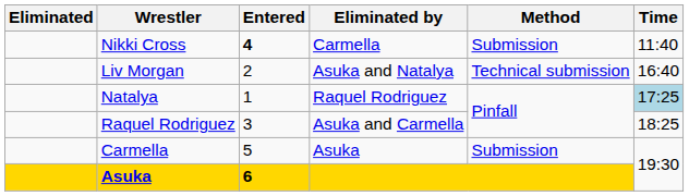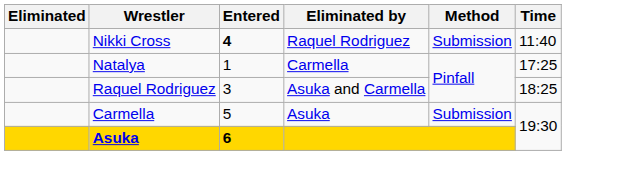 <table class="wikitable sortable">
 <tr>
 <th>Eliminated</th>
 <th>Wrestler</th>
 <th>Entered</th>
 <th>Eliminated by</th>
 <th>Method</th>
 <th>Time</th>
 </tr>
 <tr>
 <td></td>
 <td><a href='#'>Nikki Cross</a></td>
 <td><strong>4</strong></td>
-<td><a href='#'>Carmella</a></td>
+<td><a href='#'>Raquel Rodriguez</a></td>
 <td><a href='#'>Submission</a></td>
 <td>11:40</td>
 </tr>
 <tr>
 <td></td>
-<td><a href='#'>Liv Morgan</a></td>
-<td>2</td>
-<td><a href='#'>Asuka</a> and <a href='#'>Natalya</a></td>
-<td><a href='#'>Technical submission</a></td>
-<td>16:40</td>
-</tr>
-<tr>
-<td></td>
 <td><a href='#'>Natalya</a></td>
 <td>1</td>
-<td><a href='#'>Raquel Rodriguez</a></td>
+<td><a href='#'>Carmella</a></td>
 <td rowspan=2><a href='#'>Pinfall</a></td>
-<td style="background: lightblue;">17:25</td>
+<td>17:25</td>
 </tr>
 <tr>
 <td></td>
 <td><a href='#'>Raquel Rodriguez</a></td>
 <td>3</td>
 <td><a href='#'>Asuka</a> and <a href='#'>Carmella</a></td>
 <td>18:25</td>
 </tr>
 <tr>
 <td></td>
 <td><a href='#'>Carmella</a></td>
 <td>5</td>
 <td><a href='#'>Asuka</a></td>
 <td><a href='#'>Submission</a></td>
 <td rowspan=2>19:30</td>
 </tr>
 <tr style="background: gold">
 <td></td>
 <td><strong><a href='#'>Asuka</a></strong></td>
 <td><strong>6</strong></td>
 <td colspan="2"></td>
 </tr>
 </table>
